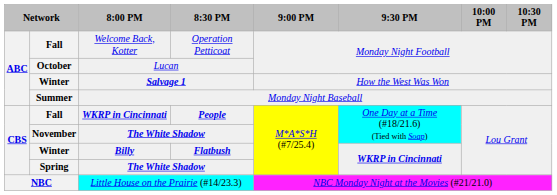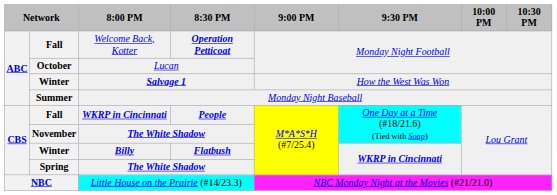 <table class="wikitable" style="width:100%;margin-right:0;text-align:center">
 <tr>
 <th colspan="2" style="background-color:#C0C0C0;text-align:center">Network</th>
 <th style="background-color:#C0C0C0;text-align:center">8:00 PM</th>
 <th style="background-color:#C0C0C0;text-align:center">8:30 PM</th>
 <th style="background-color:#C0C0C0;text-align:center">9:00 PM</th>
 <th style="background-color:#C0C0C0;text-align:center">9:30 PM</th>
 <th style="background-color:#C0C0C0;text-align:center">10:00 PM</th>
 <th style="background-color:#C0C0C0;text-align:center">10:30 PM</th>
 </tr>
 <tr>
 <th bgcolor="#C0C0C0" rowspan="4"><a href='#'>ABC</a></th>
 <th>Fall</th>
 <td bgcolor="#F0F0F0"><em><a href='#'>Welcome Back, Kotter</a></em></td>
-<td bgcolor="#F0F0F0"><em><a href='#'>Operation Petticoat</a></em></td>
+<td bgcolor="#F0F0F0"><strong><em><a href='#'>Operation Petticoat</a></em></strong></td>
 <td bgcolor="#F0F0F0" colspan="4" rowspan="2"><em><a href='#'>Monday Night Football</a></em></td>
 </tr>
 <tr>
 <th>October</th>
 <td bgcolor="#F0F0F0" colspan="2"><em><a href='#'>Lucan</a></em></td>
 </tr>
 <tr>
 <th>Winter</th>
 <td bgcolor="#F0F0F0" colspan="2"><strong><em><a href='#'>Salvage 1</a></em></strong></td>
 <td bgcolor="#F0F0F0" colspan="4"><em><a href='#'>How the West Was Won</a></em></td>
 </tr>
 <tr>
 <th>Summer</th>
 <td bgcolor="#F0F0F0" colspan="6"><em><a href='#'>Monday Night Baseball</a></em></td>
 </tr>
 <tr>
 <th bgcolor="#C0C0C0" rowspan="4"><a href='#'>CBS</a></th>
 <th>Fall</th>
 <td bgcolor="#F0F0F0"><strong><em><a href='#'>WKRP in Cincinnati</a></em></strong></td>
 <td bgcolor="#F0F0F0"><strong><em><a href='#'>People</a></em></strong></td>
 <td bgcolor="#FFFF00" rowspan="4"><em><a href='#'>M*A*S*H</a></em> (#7/25.4)</td>
 <td bgcolor="#00FFFF" rowspan="2"><em><a href='#'>One Day at a Time</a></em> (#18/21.6)<br><small>(Tied with <em><a href='#'>Soap</a></em>)</small></td>
 <td bgcolor="#F0F0F0" colspan="2" rowspan="4"><em><a href='#'>Lou Grant</a></em></td>
 </tr>
 <tr>
 <th>November</th>
 <td bgcolor="#F0F0F0" colspan="2"><strong><em><a href='#'>The White Shadow</a></em></strong></td>
 </tr>
 <tr>
 <th>Winter</th>
 <td bgcolor="#F0F0F0"><strong><em><a href='#'>Billy</a></em></strong></td>
 <td bgcolor="#F0F0F0"><strong><em><a href='#'>Flatbush</a></em></strong></td>
 <td bgcolor="#F0F0F0" rowspan="2"><strong><em><a href='#'>WKRP in Cincinnati</a></em></strong></td>
 </tr>
 <tr>
 <th>Spring</th>
 <td bgcolor="#F0F0F0" colspan="2"><strong><em><a href='#'>The White Shadow</a></em></strong></td>
 </tr>
 <tr>
 <th bgcolor="#C0C0C0" colspan="2"><a href='#'>NBC</a></th>
 <td bgcolor="#00FFFF" colspan="2"><em><a href='#'>Little House on the Prairie</a></em> (#14/23.3)</td>
 <td bgcolor="#FF22FF" colspan="4"><em><a href='#'>NBC Monday Night at the Movies</a></em> (#21/21.0)</td>
 </tr>
 </table>
